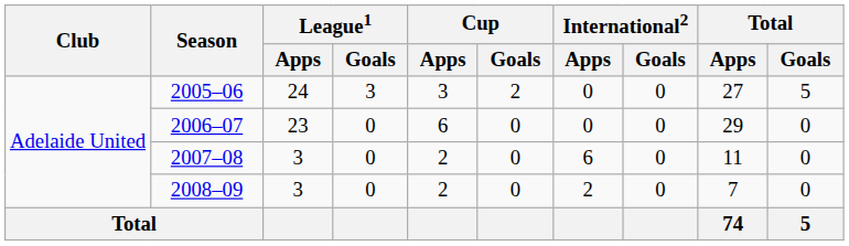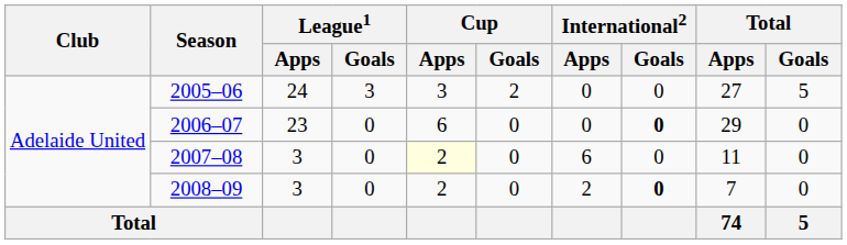 <table class="wikitable" style="text-align: center;">
 <tr>
 <th rowspan="2">Club</th>
 <th rowspan="2" width="80">Season</th>
 <th colspan="2" width="105">League<sup>1</sup></th>
 <th colspan="2" width="105">Cup</th>
 <th colspan="2" width="105">International<sup>2</sup></th>
 <th colspan="2" width="105">Total</th>
 </tr>
 <tr>
 <th>Apps</th>
 <th>Goals</th>
 <th>Apps</th>
 <th>Goals</th>
 <th>Apps</th>
 <th>Goals</th>
 <th>Apps</th>
 <th>Goals</th>
 </tr>
 <tr>
 <td rowspan="4" valign="center"><a href='#'>Adelaide United</a></td>
 <td><a href='#'>2005–06</a></td>
 <td>24</td>
 <td>3</td>
 <td>3</td>
 <td>2</td>
 <td>0</td>
 <td>0</td>
 <td>27</td>
 <td>5</td>
 </tr>
 <tr>
 <td><a href='#'>2006–07</a></td>
 <td>23</td>
 <td>0</td>
 <td>6</td>
 <td>0</td>
 <td>0</td>
-<td>0</td>
+<td><strong>0</strong></td>
 <td>29</td>
 <td>0</td>
 </tr>
 <tr>
 <td><a href='#'>2007–08</a></td>
 <td>3</td>
 <td>0</td>
-<td>2</td>
+<td style="background: lightyellow;">2</td>
 <td>0</td>
 <td>6</td>
 <td>0</td>
 <td>11</td>
 <td>0</td>
 </tr>
 <tr>
 <td><a href='#'>2008–09</a></td>
 <td>3</td>
 <td>0</td>
 <td>2</td>
 <td>0</td>
 <td>2</td>
-<td>0</td>
+<td><strong>0</strong></td>
 <td>7</td>
 <td>0</td>
 </tr>
 <tr>
 <th colspan="2">Total</th>
 <th></th>
 <th></th>
 <th></th>
 <th></th>
 <th></th>
 <th></th>
 <th>74</th>
 <th>5</th>
 </tr>
 </table>
